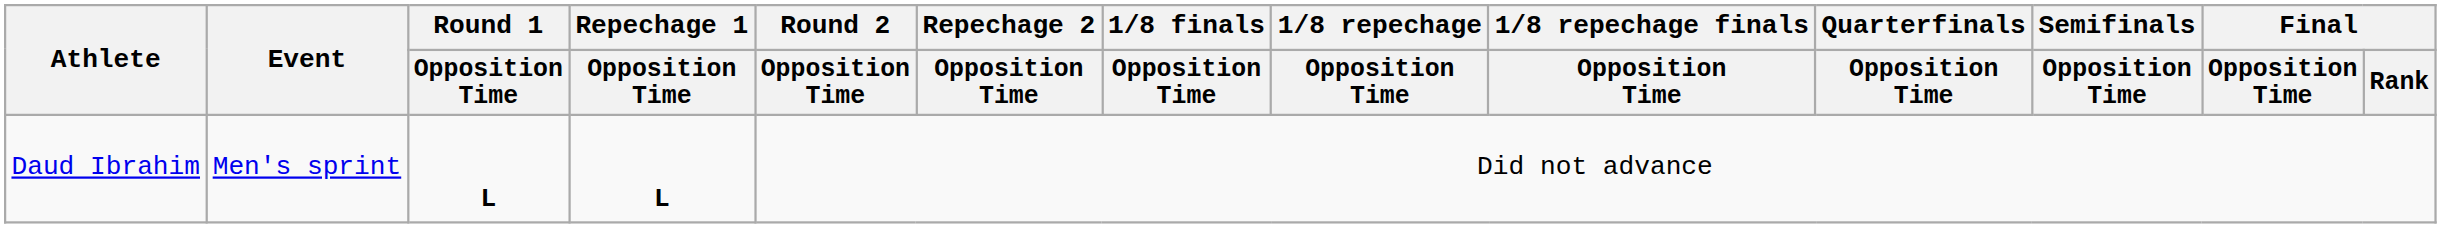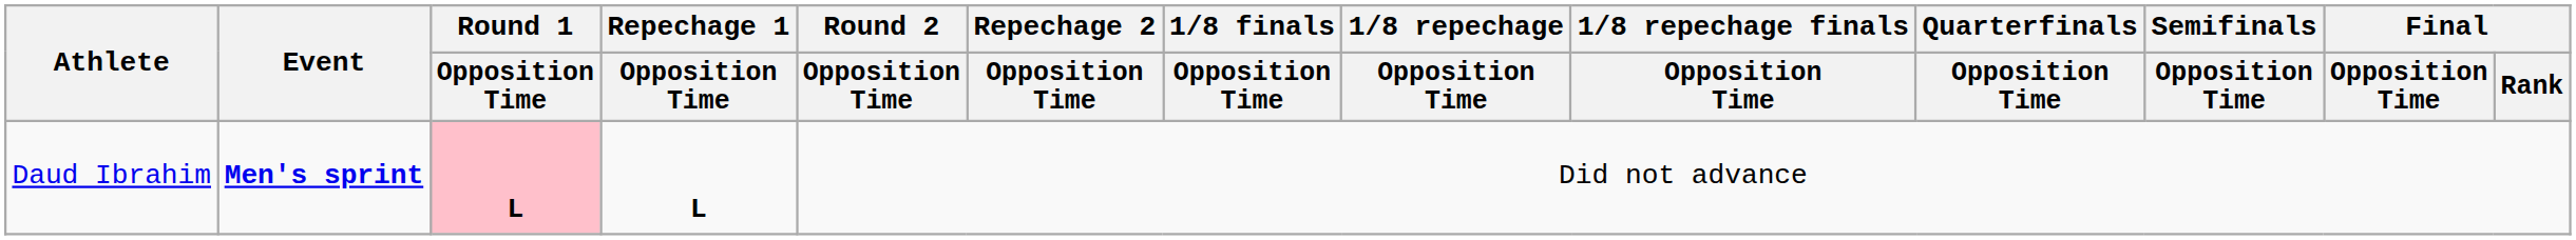 <table class="wikitable" style="font-size:90%;">
 <tr>
 <th rowspan=2>Athlete</th>
 <th rowspan=2>Event</th>
 <th>Round 1</th>
 <th>Repechage 1</th>
 <th>Round 2</th>
 <th>Repechage 2</th>
 <th>1/8 finals</th>
 <th>1/8 repechage</th>
 <th>1/8 repechage finals</th>
 <th>Quarterfinals</th>
 <th>Semifinals</th>
 <th colspan=2>Final</th>
 </tr>
 <tr style="font-size:95%">
 <th>Opposition<br>Time</th>
 <th>Opposition<br>Time</th>
 <th>Opposition<br>Time</th>
 <th>Opposition<br>Time</th>
 <th>Opposition<br>Time</th>
 <th>Opposition<br>Time</th>
 <th>Opposition<br>Time</th>
 <th>Opposition<br>Time</th>
 <th>Opposition<br>Time</th>
 <th>Opposition<br>Time</th>
 <th>Rank</th>
 </tr>
 <tr align=center>
 <td align=left><a href='#'>Daud Ibrahim</a></td>
-<td align=left><a href='#'>Men's sprint</a></td>
-<td><br><br><strong>L</strong></td>
+<td align=left><strong><a href='#'>Men's sprint</a></strong></td>
+<td style="background: pink;"><br><br><strong>L</strong></td>
 <td><br><br><strong>L</strong></td>
 <td colspan=9>Did not advance</td>
 </tr>
 </table>
